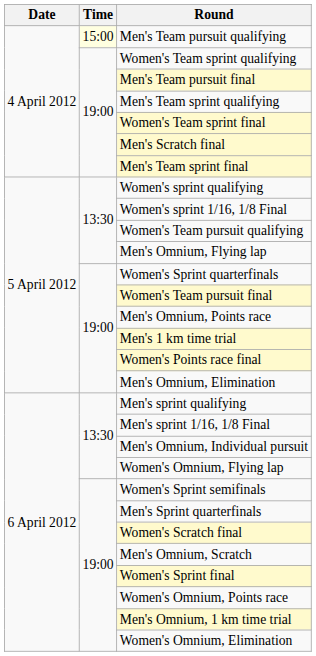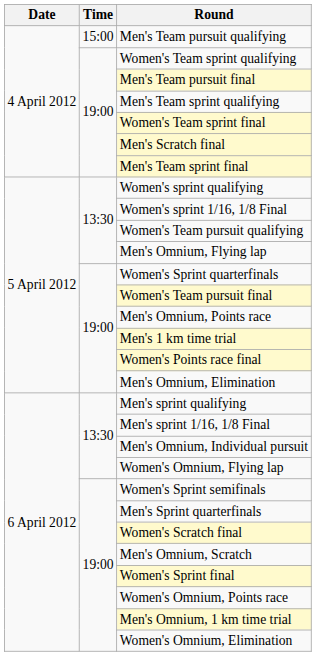 <table class="wikitable">
 <tr>
 <th>Date</th>
 <th>Time</th>
 <th>Round</th>
 </tr>
 <tr>
 <td rowspan=7>4 April 2012</td>
-<td style="background: lightyellow;">15:00</td>
+<td>15:00</td>
 <td>Men's Team pursuit qualifying</td>
 </tr>
 <tr>
 <td rowspan=6>19:00</td>
 <td>Women's Team sprint qualifying</td>
 </tr>
 <tr>
 <td style="background:lemonchiffon">Men's Team pursuit final</td>
 </tr>
 <tr>
 <td>Men's Team sprint qualifying</td>
 </tr>
 <tr>
 <td style="background:lemonchiffon">Women's Team sprint final</td>
 </tr>
 <tr>
 <td style="background:lemonchiffon">Men's Scratch final</td>
 </tr>
 <tr>
 <td style="background:lemonchiffon">Men's Team sprint final</td>
 </tr>
 <tr>
 <td rowspan=10>5 April 2012</td>
 <td rowspan=4>13:30</td>
 <td>Women's sprint qualifying</td>
 </tr>
 <tr>
 <td>Women's sprint 1/16, 1/8 Final</td>
 </tr>
 <tr>
 <td>Women's Team pursuit qualifying</td>
 </tr>
 <tr>
 <td>Men's Omnium, Flying lap</td>
 </tr>
 <tr>
 <td rowspan=6>19:00</td>
 <td>Women's Sprint quarterfinals</td>
 </tr>
 <tr>
 <td style="background:lemonchiffon">Women's Team pursuit final</td>
 </tr>
 <tr>
 <td>Men's Omnium, Points race</td>
 </tr>
 <tr>
 <td style="background:lemonchiffon">Men's 1 km time trial</td>
 </tr>
 <tr>
 <td style="background:lemonchiffon">Women's Points race final</td>
 </tr>
 <tr>
 <td>Men's Omnium, Elimination</td>
 </tr>
 <tr>
 <td rowspan=12>6 April 2012</td>
 <td rowspan=4>13:30</td>
 <td>Men's sprint qualifying</td>
 </tr>
 <tr>
 <td>Men's sprint 1/16, 1/8 Final</td>
 </tr>
 <tr>
 <td>Men's Omnium, Individual pursuit</td>
 </tr>
 <tr>
 <td>Women's Omnium, Flying lap</td>
 </tr>
 <tr>
 <td rowspan=8>19:00</td>
 <td>Women's Sprint semifinals</td>
 </tr>
 <tr>
 <td>Men's Sprint quarterfinals</td>
 </tr>
 <tr>
 <td style="background:lemonchiffon">Women's Scratch final</td>
 </tr>
 <tr>
 <td>Men's Omnium, Scratch</td>
 </tr>
 <tr>
 <td style="background:lemonchiffon">Women's Sprint final</td>
 </tr>
 <tr>
 <td>Women's Omnium, Points race</td>
 </tr>
 <tr>
 <td style="background:lemonchiffon">Men's Omnium, 1 km time trial</td>
 </tr>
 <tr>
 <td>Women's Omnium, Elimination</td>
 </tr>
 </table>
